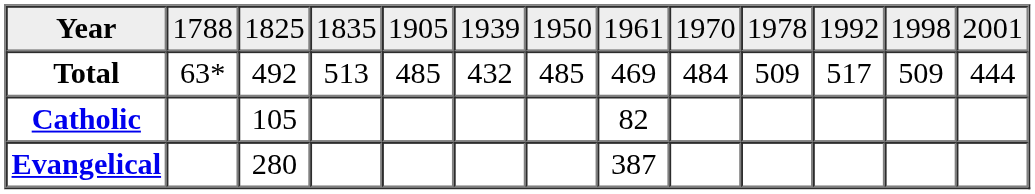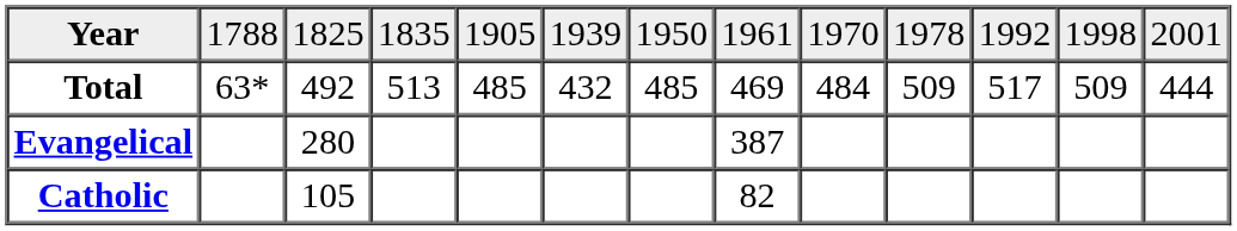 <table border="1" cellpadding="2" cellspacing="0" width="500">
 <tr bgcolor="#eeeeee" align="center">
 <td><strong>Year</strong></td>
 <td>1788</td>
 <td>1825</td>
 <td>1835</td>
 <td>1905</td>
 <td>1939</td>
 <td>1950</td>
 <td>1961</td>
 <td>1970</td>
 <td>1978</td>
 <td>1992</td>
 <td>1998</td>
 <td>2001</td>
 </tr>
 <tr align="center">
 <td><strong>Total</strong></td>
 <td>63*</td>
 <td>492</td>
 <td>513</td>
 <td>485</td>
 <td>432</td>
 <td>485</td>
 <td>469</td>
 <td>484</td>
 <td>509</td>
 <td>517</td>
 <td>509</td>
 <td>444</td>
 </tr>
 <tr align="center">
+<td><strong><a href='#'>Evangelical</a></strong></td>
+<td> </td>
+<td>280</td>
+<td> </td>
+<td> </td>
+<td> </td>
+<td> </td>
+<td>387</td>
+<td> </td>
+<td> </td>
+<td> </td>
+<td> </td>
+<td> </td>
+</tr>
+<tr align="center">
 <td><strong><a href='#'>Catholic</a></strong></td>
 <td> </td>
 <td>105</td>
 <td> </td>
 <td> </td>
 <td> </td>
 <td> </td>
 <td>82</td>
 <td> </td>
 <td> </td>
 <td> </td>
 <td> </td>
 <td> </td>
 </tr>
-<tr align="center">
-<td><strong><a href='#'>Evangelical</a></strong></td>
-<td> </td>
-<td>280</td>
-<td> </td>
-<td> </td>
-<td> </td>
-<td> </td>
-<td>387</td>
-<td> </td>
-<td> </td>
-<td> </td>
-<td> </td>
-<td> </td>
-</tr>
 </table>
